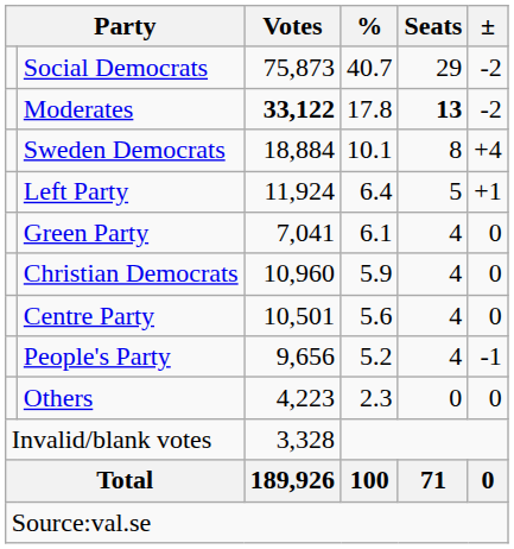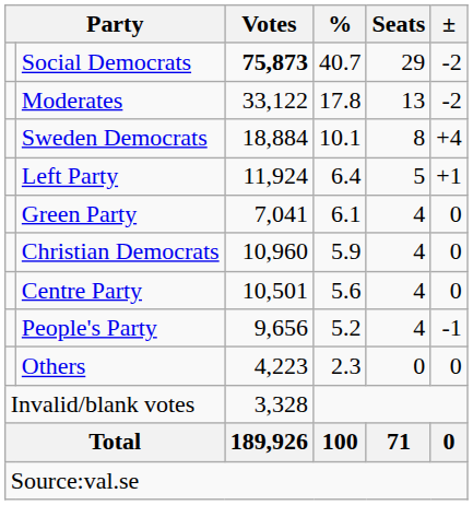 <table class=wikitable style=text-align:right>
 <tr>
 <th colspan=2>Party</th>
 <th>Votes</th>
 <th>%</th>
 <th>Seats</th>
 <th>±</th>
 </tr>
 <tr>
 <td bgcolor=></td>
 <td align=left><a href='#'>Social Democrats</a></td>
-<td>75,873</td>
+<td><strong>75,873</strong></td>
 <td>40.7</td>
 <td>29</td>
 <td>-2</td>
 </tr>
 <tr>
 <td bgcolor=></td>
 <td align=left><a href='#'>Moderates</a></td>
-<td><strong>33,122</strong></td>
+<td>33,122</td>
 <td>17.8</td>
-<td><strong>13</strong></td>
+<td>13</td>
 <td>-2</td>
 </tr>
 <tr>
 <td bgcolor=></td>
 <td align=left><a href='#'>Sweden Democrats</a></td>
 <td>18,884</td>
 <td>10.1</td>
 <td>8</td>
 <td>+4</td>
 </tr>
 <tr>
 <td bgcolor=></td>
 <td align=left><a href='#'>Left Party</a></td>
 <td>11,924</td>
 <td>6.4</td>
 <td>5</td>
 <td>+1</td>
 </tr>
 <tr>
 <td bgcolor=></td>
 <td align=left><a href='#'>Green Party</a></td>
 <td>7,041</td>
 <td>6.1</td>
 <td>4</td>
 <td>0</td>
 </tr>
 <tr>
 <td bgcolor=></td>
 <td align=left><a href='#'>Christian Democrats</a></td>
 <td>10,960</td>
 <td>5.9</td>
 <td>4</td>
 <td>0</td>
 </tr>
 <tr>
 <td bgcolor=></td>
 <td align=left><a href='#'>Centre Party</a></td>
 <td>10,501</td>
 <td>5.6</td>
 <td>4</td>
 <td>0</td>
 </tr>
 <tr>
 <td bgcolor=></td>
 <td align=left><a href='#'>People's Party</a></td>
 <td>9,656</td>
 <td>5.2</td>
 <td>4</td>
 <td>-1</td>
 </tr>
 <tr>
 <td></td>
 <td align=left><a href='#'>Others</a></td>
 <td>4,223</td>
 <td>2.3</td>
 <td>0</td>
 <td>0</td>
 </tr>
 <tr>
 <td align=left colspan=2>Invalid/blank votes</td>
 <td>3,328</td>
 <td colspan=3></td>
 </tr>
 <tr>
 <th align=left colspan=2>Total</th>
 <th>189,926</th>
 <th>100</th>
 <th>71</th>
 <th>0</th>
 </tr>
 <tr>
 <td align=left colspan=6>Source:val.se </td>
 </tr>
 </table>
